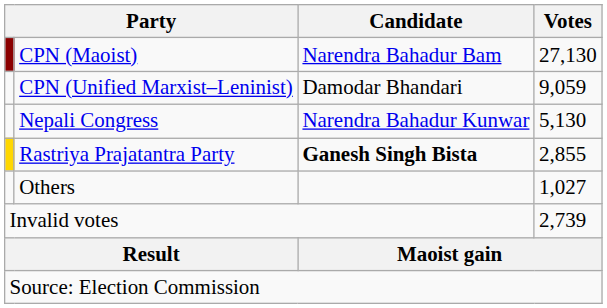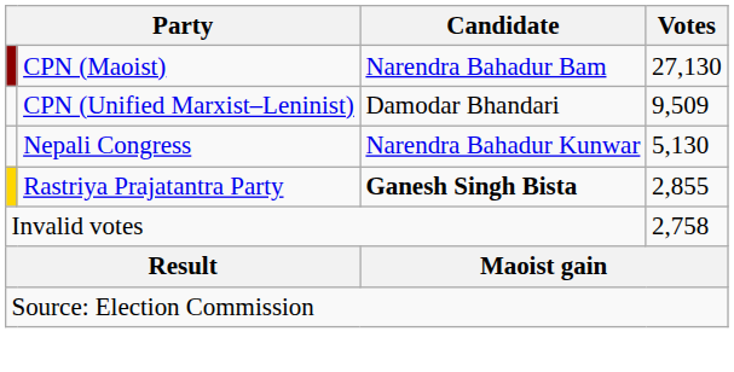 <table class="wikitable">
 <tr>
 <th colspan="2">Party</th>
 <th>Candidate</th>
 <th>Votes</th>
 </tr>
 <tr>
 <td style="background-color:darkred"></td>
 <td><a href='#'>CPN (Maoist)</a></td>
 <td><a href='#'>Narendra Bahadur Bam</a></td>
 <td>27,130</td>
 </tr>
 <tr>
 <td style="background-color:"></td>
 <td><a href='#'>CPN (Unified Marxist–Leninist)</a></td>
 <td>Damodar Bhandari</td>
-<td>9,059</td>
+<td>9,509</td>
 </tr>
 <tr>
 <td style="background-color:"></td>
 <td><a href='#'>Nepali Congress</a></td>
 <td><a href='#'>Narendra Bahadur Kunwar</a></td>
 <td>5,130</td>
 </tr>
 <tr>
 <td style="background-color:gold"></td>
 <td><a href='#'>Rastriya Prajatantra Party</a></td>
 <td><strong>Ganesh Singh Bista</strong></td>
 <td>2,855</td>
 </tr>
 <tr>
-<td></td>
-<td>Others</td>
-<td></td>
-<td>1,027</td>
-</tr>
-<tr>
 <td colspan="3">Invalid votes</td>
-<td>2,739</td>
+<td>2,758</td>
 </tr>
 <tr>
 <th colspan="2">Result</th>
 <th colspan="2">Maoist gain</th>
 </tr>
 <tr>
 <td colspan="4">Source: Election Commission</td>
 </tr>
 </table>
